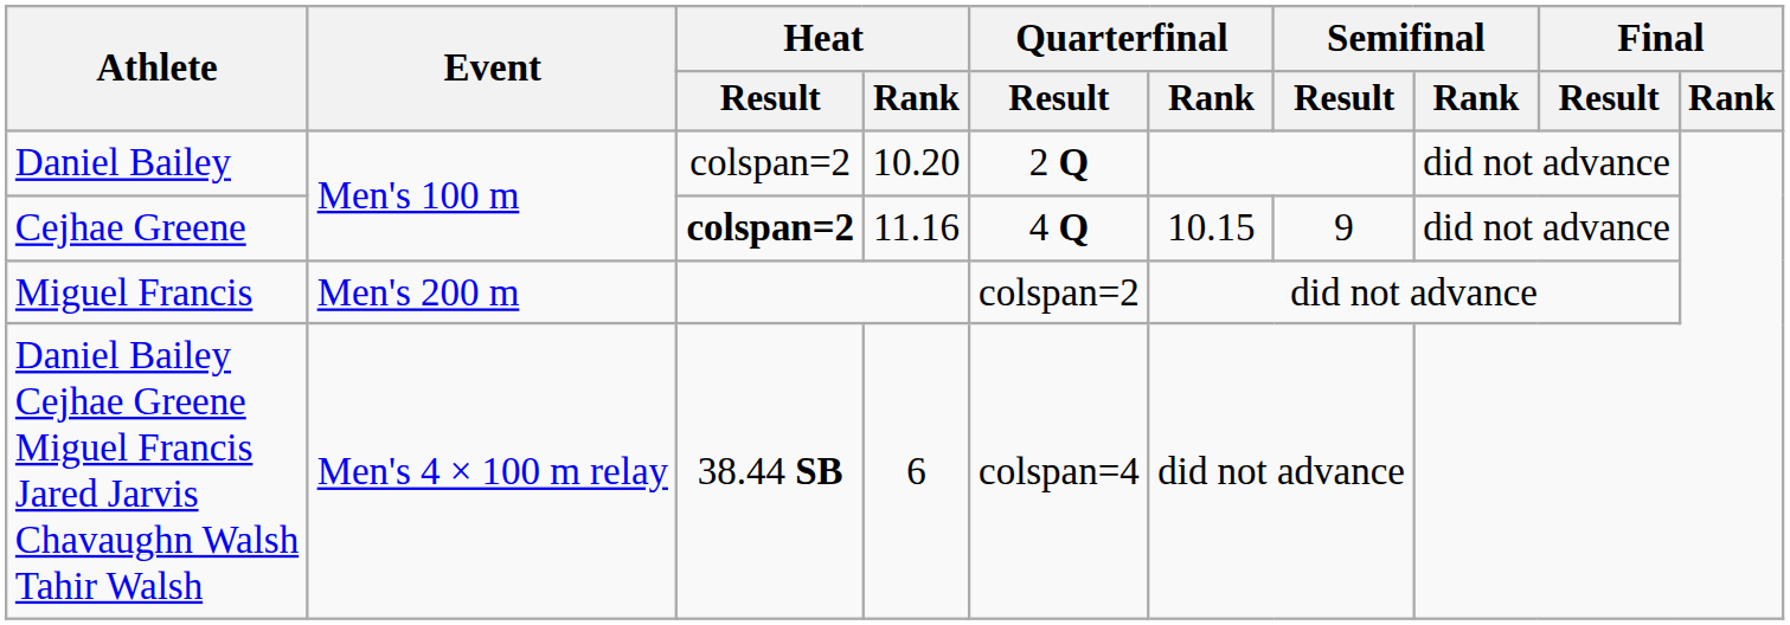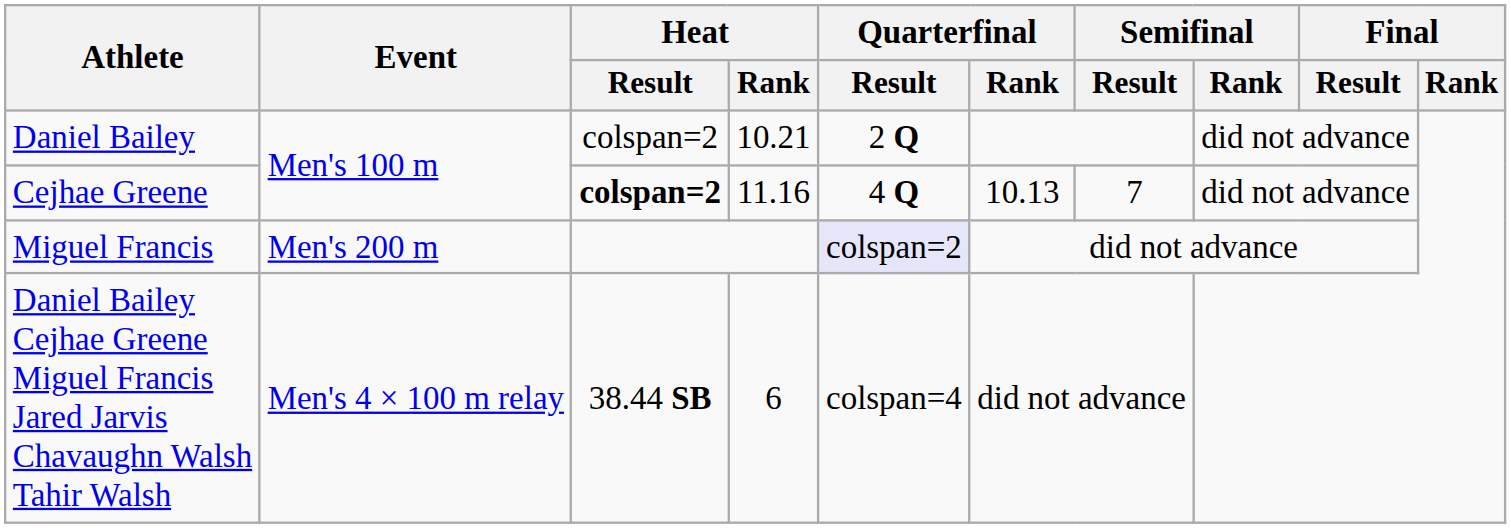 <table class="wikitable" style="font-size:90%">
 <tr>
 <th rowspan="2">Athlete</th>
 <th rowspan="2">Event</th>
 <th colspan="2">Heat</th>
 <th colspan="2">Quarterfinal</th>
 <th colspan="2">Semifinal</th>
 <th colspan="2">Final</th>
 </tr>
 <tr style="font-size:95%">
 <th>Result</th>
 <th>Rank</th>
 <th>Result</th>
 <th>Rank</th>
 <th>Result</th>
 <th>Rank</th>
 <th>Result</th>
 <th>Rank</th>
 </tr>
 <tr align=center>
 <td align=left><a href='#'>Daniel Bailey</a></td>
 <td align=left rowspan=2><a href='#'>Men's 100 m</a></td>
 <td>colspan=2 </td>
-<td>10.20</td>
+<td>10.21</td>
 <td>2 <strong>Q</strong></td>
 <td colspan=2></td>
 <td colspan=2>did not advance</td>
 </tr>
 <tr align=center>
 <td align=left><a href='#'>Cejhae Greene</a></td>
 <td><strong>colspan=2 </strong></td>
 <td>11.16</td>
 <td>4 <strong>Q</strong></td>
-<td>10.15</td>
-<td>9</td>
+<td>10.13</td>
+<td>7</td>
 <td colspan=2>did not advance</td>
 </tr>
 <tr align=center>
 <td align=left><a href='#'>Miguel Francis</a></td>
 <td align=left><a href='#'>Men's 200 m</a></td>
 <td colspan=2></td>
-<td>colspan=2 </td>
+<td style="background: lavender;">colspan=2 </td>
 <td colspan=4>did not advance</td>
 </tr>
 <tr align=center>
 <td align=left><a href='#'>Daniel Bailey</a><br><a href='#'>Cejhae Greene</a><br><a href='#'>Miguel Francis</a><br><a href='#'>Jared Jarvis</a><br><a href='#'>Chavaughn Walsh</a><br><a href='#'>Tahir Walsh</a></td>
 <td align=left><a href='#'>Men's 4 × 100 m relay</a></td>
 <td>38.44 <strong>SB</strong></td>
 <td>6</td>
 <td>colspan=4 </td>
 <td colspan=2>did not advance</td>
 </tr>
 </table>
